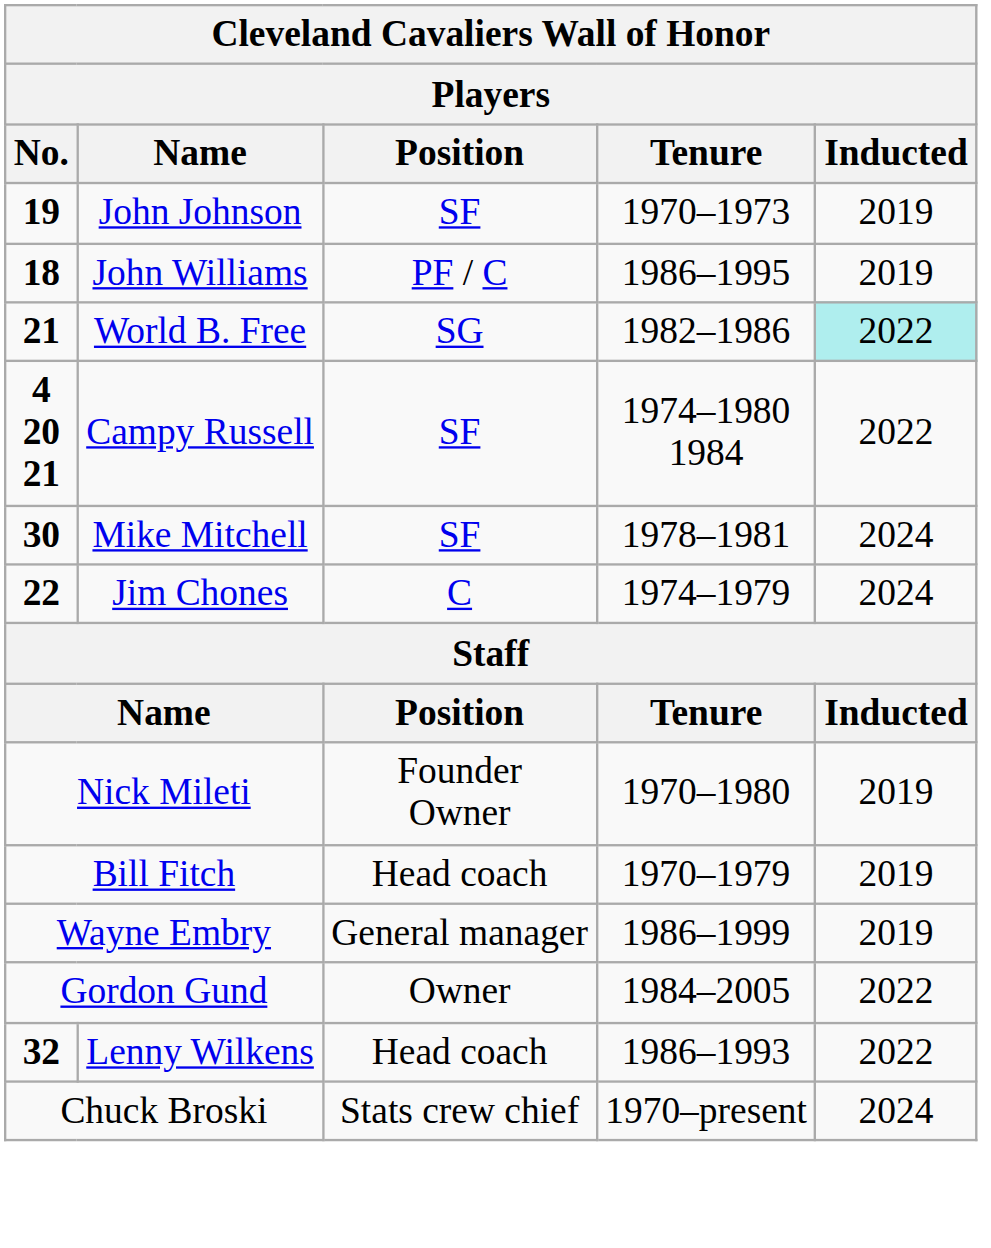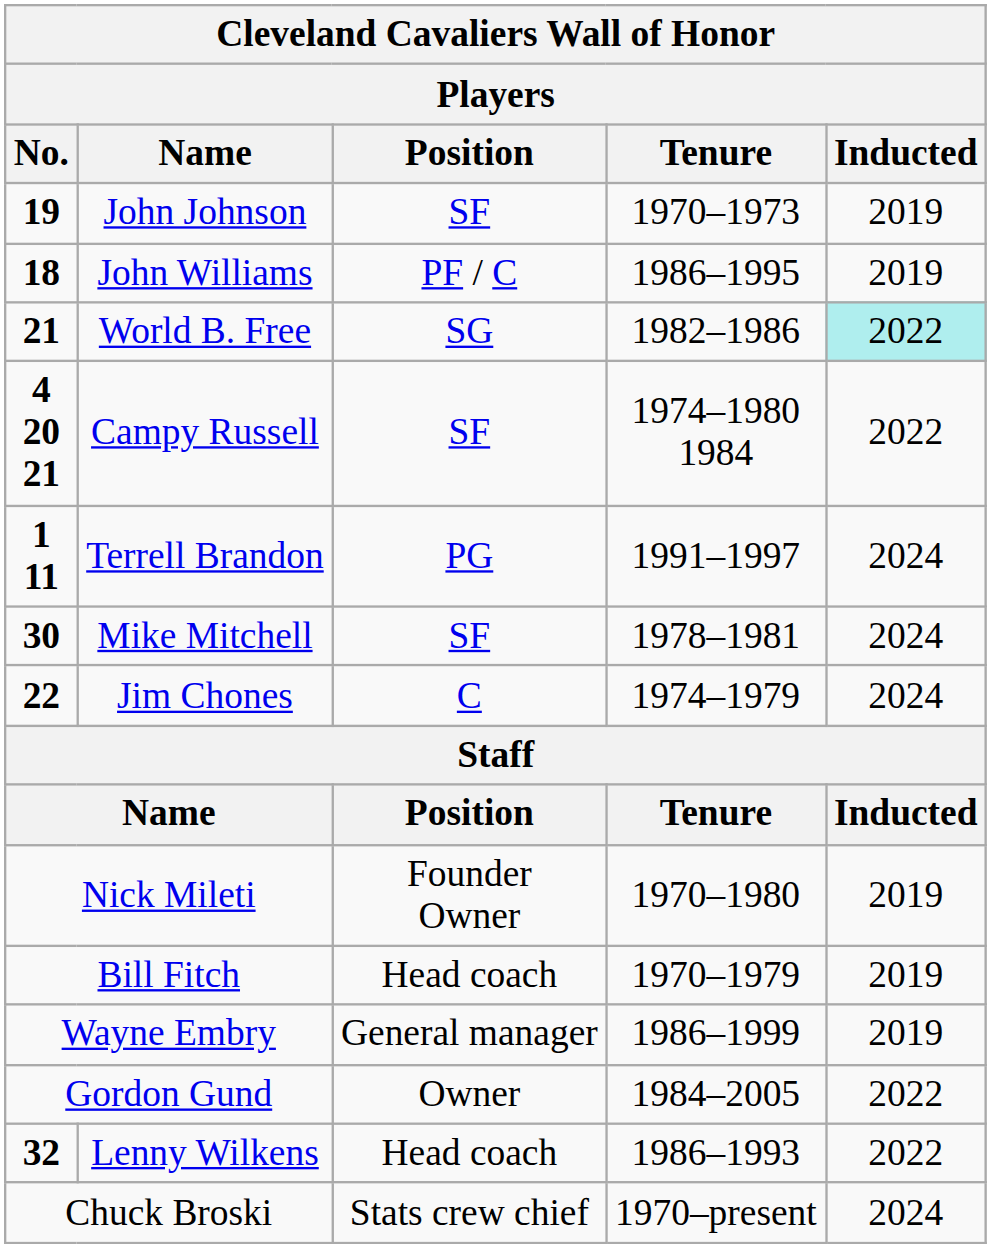 <table class="wikitable" style="text-align:center">
 <tr>
 <th colspan="5">Cleveland Cavaliers Wall of Honor</th>
 </tr>
 <tr>
 <th colspan="5" style="text-align:center; ">Players</th>
 </tr>
 <tr>
 <th>No.</th>
 <th>Name</th>
 <th>Position</th>
 <th>Tenure</th>
 <th>Inducted</th>
 </tr>
 <tr>
 <td><strong>19</strong></td>
 <td><a href='#'>John Johnson</a></td>
 <td><a href='#'>SF</a></td>
 <td>1970–1973</td>
 <td>2019</td>
 </tr>
 <tr>
 <td><strong>18</strong></td>
 <td><a href='#'>John Williams</a></td>
 <td><a href='#'>PF</a> / <a href='#'>C</a></td>
 <td>1986–1995</td>
 <td>2019</td>
 </tr>
 <tr>
 <td><strong>21</strong></td>
 <td><a href='#'>World B. Free</a></td>
 <td><a href='#'>SG</a></td>
 <td>1982–1986</td>
 <td style="background: paleturquoise;">2022</td>
 </tr>
 <tr>
 <td><strong>4</strong><br><strong>20</strong><br><strong>21</strong></td>
 <td><a href='#'>Campy Russell</a></td>
 <td><a href='#'>SF</a></td>
 <td>1974–1980<br>1984</td>
 <td>2022</td>
+</tr>
+<tr>
+<td><strong>1</strong><br><strong>11</strong></td>
+<td><a href='#'>Terrell Brandon</a></td>
+<td><a href='#'>PG</a></td>
+<td>1991–1997</td>
+<td>2024</td>
 </tr>
 <tr>
 <td><strong>30</strong></td>
 <td><a href='#'>Mike Mitchell</a></td>
 <td><a href='#'>SF</a></td>
 <td>1978–1981</td>
 <td>2024</td>
 </tr>
 <tr>
 <td><strong>22</strong></td>
 <td><a href='#'>Jim Chones</a></td>
 <td><a href='#'>C</a></td>
 <td>1974–1979</td>
 <td>2024</td>
 </tr>
 <tr>
 <th colspan="5" style="text-align:center; ">Staff</th>
 </tr>
 <tr>
 <th colspan="2">Name</th>
 <th>Position</th>
 <th>Tenure</th>
 <th>Inducted</th>
 </tr>
 <tr>
 <td colspan="2"><a href='#'>Nick Mileti</a></td>
 <td>Founder<br>Owner</td>
 <td>1970–1980</td>
 <td>2019</td>
 </tr>
 <tr>
 <td colspan="2"><a href='#'>Bill Fitch</a></td>
 <td>Head coach</td>
 <td>1970–1979</td>
 <td>2019</td>
 </tr>
 <tr>
 <td colspan="2"><a href='#'>Wayne Embry</a></td>
 <td>General manager</td>
 <td>1986–1999</td>
 <td>2019</td>
 </tr>
 <tr>
 <td colspan="2"><a href='#'>Gordon Gund</a></td>
 <td>Owner</td>
 <td>1984–2005</td>
 <td>2022</td>
 </tr>
 <tr>
 <td><strong>32</strong></td>
 <td><a href='#'>Lenny Wilkens</a></td>
 <td>Head coach</td>
 <td>1986–1993</td>
 <td>2022</td>
 </tr>
 <tr>
 <td colspan="2">Chuck Broski</td>
 <td>Stats crew chief</td>
 <td>1970–present</td>
 <td>2024</td>
 </tr>
 </table>
